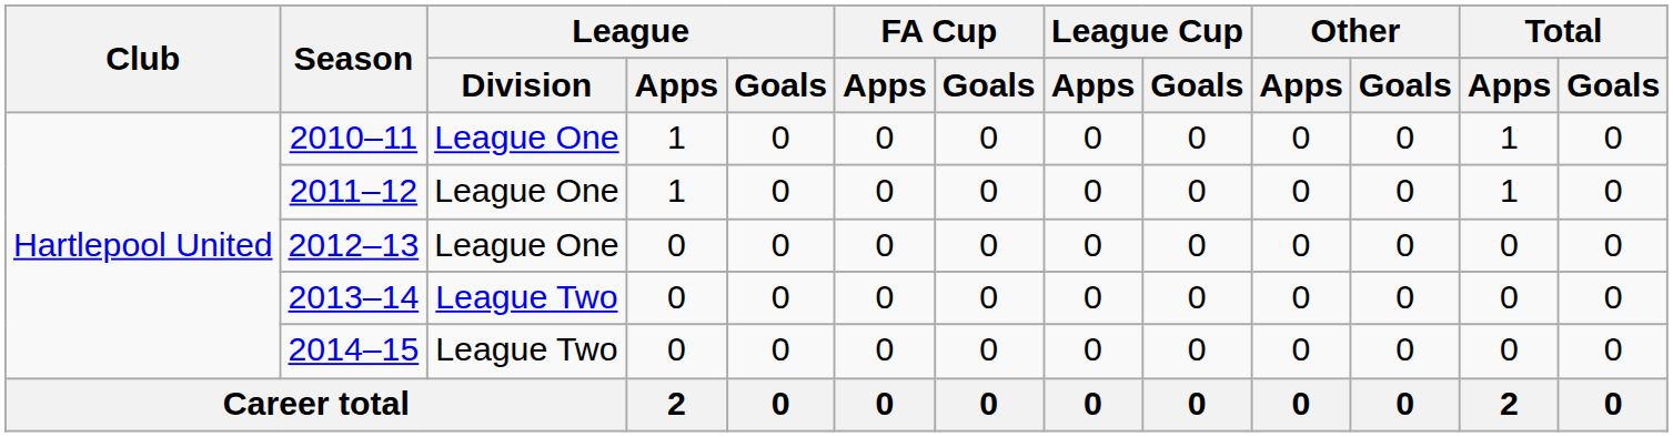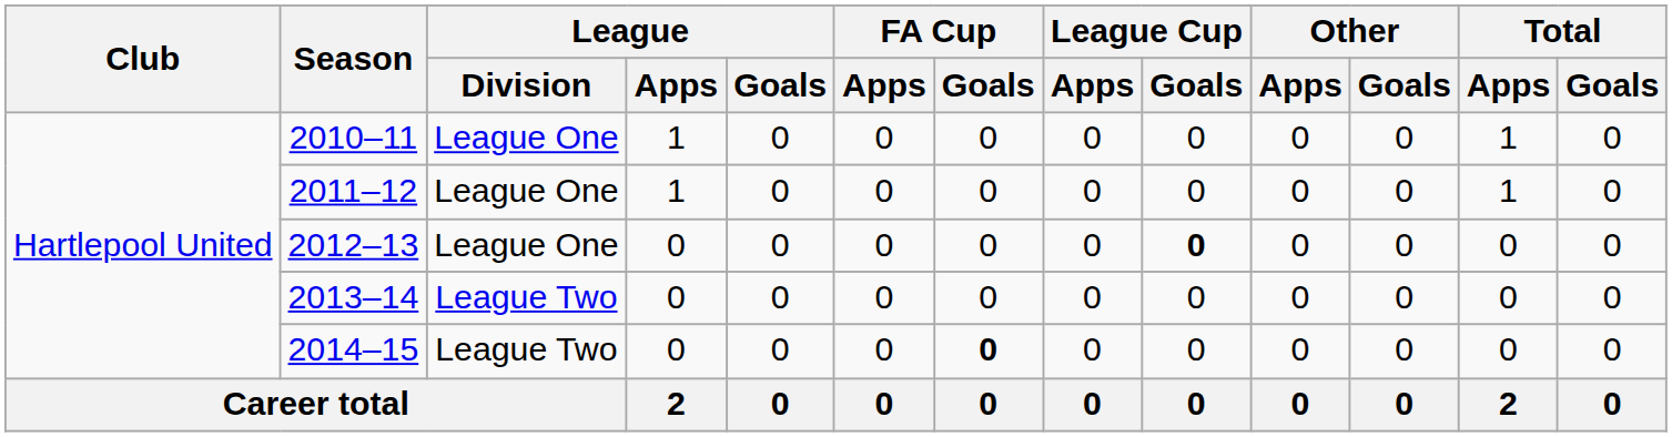 <table class="wikitable" style="text-align: center;">
 <tr>
 <th rowspan="2">Club</th>
 <th rowspan="2">Season</th>
 <th colspan="3">League</th>
 <th colspan="2">FA Cup</th>
 <th colspan="2">League Cup</th>
 <th colspan="2">Other</th>
 <th colspan="2">Total</th>
 </tr>
 <tr>
 <th>Division</th>
 <th>Apps</th>
 <th>Goals</th>
 <th>Apps</th>
 <th>Goals</th>
 <th>Apps</th>
 <th>Goals</th>
 <th>Apps</th>
 <th>Goals</th>
 <th>Apps</th>
 <th>Goals</th>
 </tr>
 <tr>
 <td rowspan="5" valign="center"><a href='#'>Hartlepool United</a></td>
 <td><a href='#'>2010–11</a></td>
 <td><a href='#'>League One</a></td>
 <td>1</td>
 <td>0</td>
 <td>0</td>
 <td>0</td>
 <td>0</td>
 <td>0</td>
 <td>0</td>
 <td>0</td>
 <td>1</td>
 <td>0</td>
 </tr>
 <tr>
 <td><a href='#'>2011–12</a></td>
 <td>League One</td>
 <td>1</td>
 <td>0</td>
 <td>0</td>
 <td>0</td>
 <td>0</td>
 <td>0</td>
 <td>0</td>
 <td>0</td>
 <td>1</td>
 <td>0</td>
 </tr>
 <tr>
 <td><a href='#'>2012–13</a></td>
 <td>League One</td>
 <td>0</td>
 <td>0</td>
 <td>0</td>
 <td>0</td>
 <td>0</td>
-<td>0</td>
+<td><strong>0</strong></td>
 <td>0</td>
 <td>0</td>
 <td>0</td>
 <td>0</td>
 </tr>
 <tr>
 <td><a href='#'>2013–14</a></td>
 <td><a href='#'>League Two</a></td>
 <td>0</td>
 <td>0</td>
 <td>0</td>
 <td>0</td>
 <td>0</td>
 <td>0</td>
 <td>0</td>
 <td>0</td>
 <td>0</td>
 <td>0</td>
 </tr>
 <tr>
 <td><a href='#'>2014–15</a></td>
 <td>League Two</td>
 <td>0</td>
 <td>0</td>
 <td>0</td>
-<td>0</td>
+<td><strong>0</strong></td>
 <td>0</td>
 <td>0</td>
 <td>0</td>
 <td>0</td>
 <td>0</td>
 <td>0</td>
 </tr>
 <tr>
 <th colspan="3">Career total</th>
 <th>2</th>
 <th>0</th>
 <th>0</th>
 <th>0</th>
 <th>0</th>
 <th>0</th>
 <th>0</th>
 <th>0</th>
 <th>2</th>
 <th>0</th>
 </tr>
 </table>
